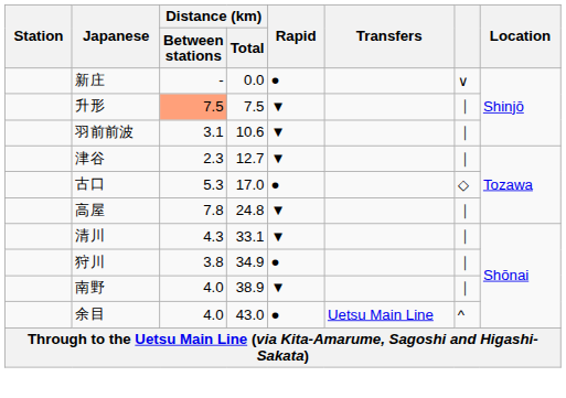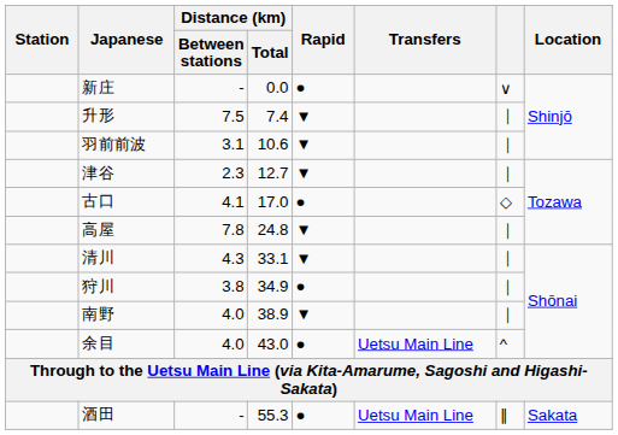 <table class="wikitable">
 <tr>
 <th rowspan="2">Station</th>
 <th rowspan="2">Japanese</th>
 <th colspan="2">Distance (km)</th>
 <th rowspan="2">Rapid</th>
 <th rowspan="2">Transfers</th>
 <th rowspan="2"> </th>
 <th rowspan="2">Location</th>
 </tr>
 <tr>
 <th style="width:1em;">Between<br>stations</th>
 <th style="width:1em;">Total</th>
 </tr>
 <tr>
 <td></td>
 <td>新庄</td>
 <td align=right>-</td>
 <td align=right>0.0</td>
 <td>●</td>
 <td></td>
 <td>∨</td>
 <td rowspan=3><a href='#'>Shinjō</a></td>
 </tr>
 <tr>
 <td></td>
 <td>升形</td>
-<td align=right style="background: lightsalmon;">7.5</td>
 <td align=right>7.5</td>
+<td align=right>7.4</td>
 <td>▼</td>
 <td></td>
 <td>｜</td>
 </tr>
 <tr>
 <td></td>
 <td>羽前前波</td>
 <td align=right>3.1</td>
 <td align=right>10.6</td>
 <td>▼</td>
 <td></td>
 <td>｜</td>
 </tr>
 <tr>
 <td></td>
 <td>津谷</td>
 <td align=right>2.3</td>
 <td align=right>12.7</td>
 <td>▼</td>
 <td></td>
 <td>｜</td>
 <td rowspan=3><a href='#'>Tozawa</a></td>
 </tr>
 <tr>
 <td></td>
 <td>古口</td>
-<td align=right>5.3</td>
+<td align=right>4.1</td>
 <td align=right>17.0</td>
 <td>●</td>
 <td></td>
 <td>◇</td>
 </tr>
 <tr>
 <td></td>
 <td>高屋</td>
 <td align=right>7.8</td>
 <td align=right>24.8</td>
 <td>▼</td>
 <td></td>
 <td>｜</td>
 </tr>
 <tr>
 <td></td>
 <td>清川</td>
 <td align=right>4.3</td>
 <td align=right>33.1</td>
 <td>▼</td>
 <td></td>
 <td>｜</td>
 <td rowspan=4><a href='#'>Shōnai</a></td>
 </tr>
 <tr>
 <td></td>
 <td>狩川</td>
 <td align=right>3.8</td>
 <td align=right>34.9</td>
 <td>●</td>
 <td></td>
 <td>｜</td>
 </tr>
 <tr>
 <td></td>
 <td>南野</td>
 <td align=right>4.0</td>
 <td align=right>38.9</td>
 <td>▼</td>
 <td></td>
 <td>｜</td>
 </tr>
 <tr>
 <td></td>
 <td>余目</td>
 <td align=right>4.0</td>
 <td align=right>43.0</td>
 <td>●</td>
 <td> <a href='#'>Uetsu Main Line</a></td>
 <td>^</td>
 </tr>
 <tr>
 <th colspan="8" align="center">Through to the <a href='#'>Uetsu Main Line</a> (<em>via Kita-Amarume, Sagoshi and Higashi-Sakata</em>)</th>
 </tr>
+<tr>
+<td></td>
+<td>酒田</td>
+<td align=right>-</td>
+<td align=right>55.3</td>
+<td>●</td>
+<td> <a href='#'>Uetsu Main Line</a></td>
+<td>∥</td>
+<td><a href='#'>Sakata</a></td>
+</tr>
 </table>
